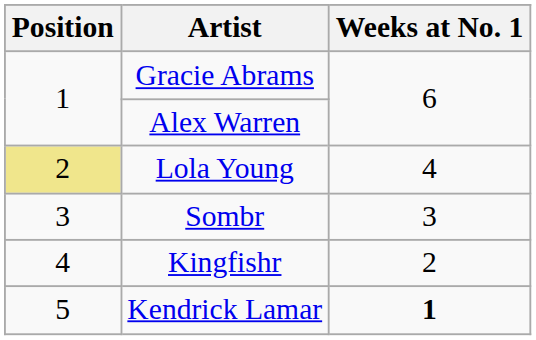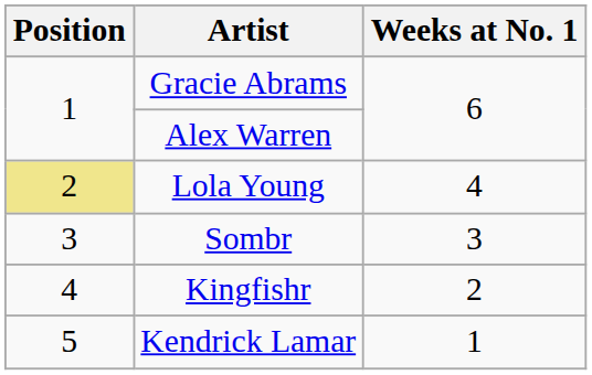 <table class="wikitable">
 <tr>
 <th style="text-align: center;">Position</th>
 <th style="text-align: center;">Artist</th>
 <th style="text-align: center;">Weeks at No. 1</th>
 </tr>
 <tr>
 <td align="center" rowspan="2">1</td>
 <td style="text-align: center;"><a href='#'>Gracie Abrams</a></td>
 <td align="center" rowspan="2">6</td>
 </tr>
 <tr>
 <td style="text-align: center;"><a href='#'>Alex Warren</a></td>
 </tr>
 <tr>
 <td style="background: khaki; text-align: center;">2</td>
 <td style="text-align: center;"><a href='#'>Lola Young</a></td>
 <td style="text-align: center;">4</td>
 </tr>
 <tr>
 <td style="text-align: center;">3</td>
 <td style="text-align: center;"><a href='#'>Sombr</a></td>
 <td style="text-align: center;">3</td>
 </tr>
 <tr>
 <td style="text-align: center;">4</td>
 <td style="text-align: center;"><a href='#'>Kingfishr</a></td>
 <td style="text-align: center;">2</td>
 </tr>
 <tr>
 <td align="center">5</td>
 <td style="text-align: center;"><a href='#'>Kendrick Lamar</a></td>
-<td align="center"><strong>1</strong></td>
+<td align="center">1</td>
 </tr>
 </table>
